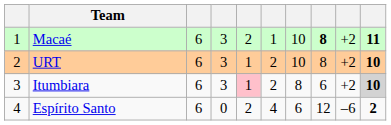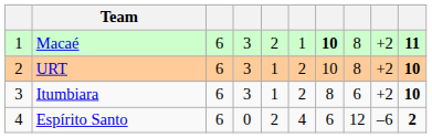 <table class="wikitable" style="text-align: center;">
 <tr>
 <th width=20></th>
 <th width=165>Team</th>
 <th width=20></th>
 <th width=20></th>
 <th width=20></th>
 <th width=20></th>
 <th width=20></th>
 <th width=20></th>
 <th width=20></th>
 <th width=20></th>
 </tr>
 <tr bgcolor=#ccffcc>
 <td>1</td>
 <td align=left> <a href='#'>Macaé</a></td>
 <td>6</td>
 <td>3</td>
 <td>2</td>
 <td>1</td>
-<td>10</td>
-<td><strong>8</strong></td>
+<td><strong>10</strong></td>
+<td>8</td>
 <td>+2</td>
 <td><strong>11</strong></td>
 </tr>
 <tr bgcolor=#ffcc99>
 <td>2</td>
 <td align=left> <a href='#'>URT</a></td>
 <td>6</td>
 <td>3</td>
 <td>1</td>
 <td>2</td>
 <td>10</td>
 <td>8</td>
 <td>+2</td>
 <td><strong>10</strong></td>
 </tr>
 <tr>
 <td>3</td>
 <td align=left> <a href='#'>Itumbiara</a></td>
 <td>6</td>
 <td>3</td>
-<td style="background: pink;">1</td>
+<td>1</td>
 <td>2</td>
 <td>8</td>
 <td>6</td>
 <td>+2</td>
-<td style="background: lightgrey;"><strong>10</strong></td>
+<td><strong>10</strong></td>
 </tr>
 <tr>
 <td>4</td>
 <td align=left> <a href='#'>Espírito Santo</a></td>
 <td>6</td>
 <td>0</td>
 <td>2</td>
 <td>4</td>
 <td>6</td>
 <td>12</td>
 <td>–6</td>
 <td><strong>2</strong></td>
 </tr>
 </table>
